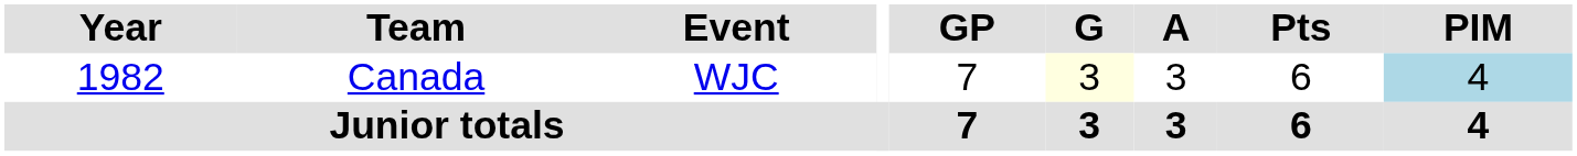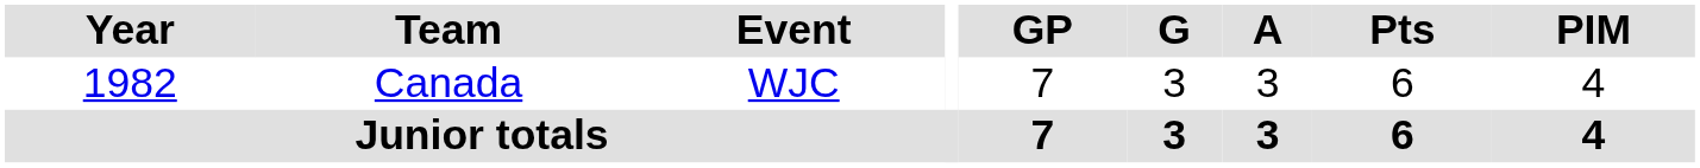 <table border="0" cellpadding="1" cellspacing="0" ID="Table3" style="text-align:center; width:40em">
 <tr bgcolor="#e0e0e0">
 <th>Year</th>
 <th>Team</th>
 <th>Event</th>
 <th rowspan="102" bgcolor="#ffffff"></th>
 <th>GP</th>
 <th>G</th>
 <th>A</th>
 <th>Pts</th>
 <th>PIM</th>
 </tr>
 <tr>
 <td><a href='#'>1982</a></td>
 <td><a href='#'>Canada</a></td>
 <td><a href='#'>WJC</a></td>
 <td>7</td>
-<td style="background: lightyellow;">3</td>
+<td>3</td>
 <td>3</td>
 <td>6</td>
-<td style="background: lightblue;">4</td>
+<td>4</td>
 </tr>
 <tr bgcolor="#e0e0e0">
 <th colspan="4">Junior totals</th>
 <th>7</th>
 <th>3</th>
 <th>3</th>
 <th>6</th>
 <th>4</th>
 </tr>
 </table>
